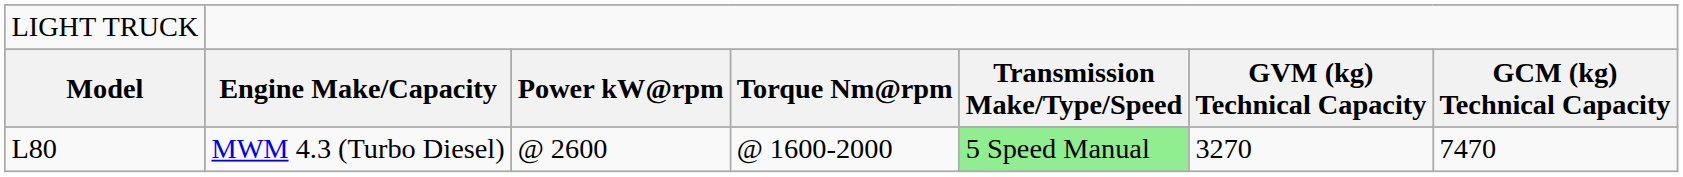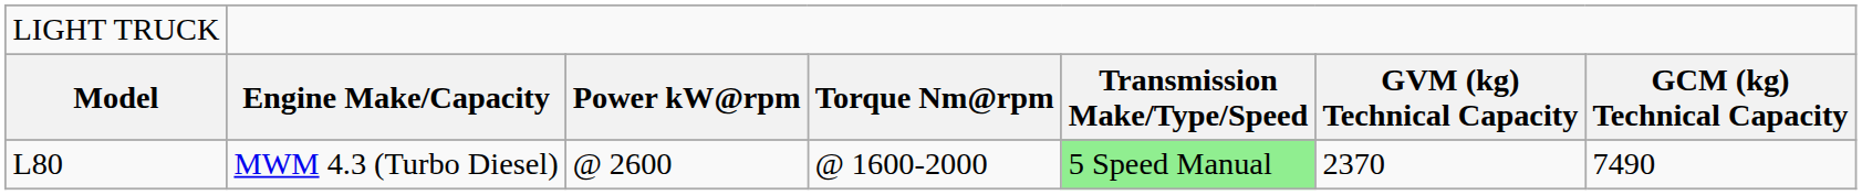 <table class="wikitable">
 <tr>
 <td>LIGHT TRUCK</td>
 </tr>
 <tr>
 <th>Model</th>
 <th>Engine Make/Capacity</th>
 <th>Power kW@rpm</th>
 <th>Torque Nm@rpm</th>
 <th>Transmission<br>Make/Type/Speed</th>
 <th>GVM (kg)<br>Technical Capacity</th>
 <th>GCM (kg)<br>Technical Capacity</th>
 </tr>
 <tr>
 <td>L80</td>
 <td><a href='#'>MWM</a> 4.3 (Turbo Diesel)</td>
 <td> @ 2600</td>
 <td> @ 1600-2000</td>
 <td style="background: lightgreen;">5 Speed Manual</td>
-<td>3270</td>
-<td>7470</td>
+<td>2370</td>
+<td>7490</td>
 </tr>
 </table>
